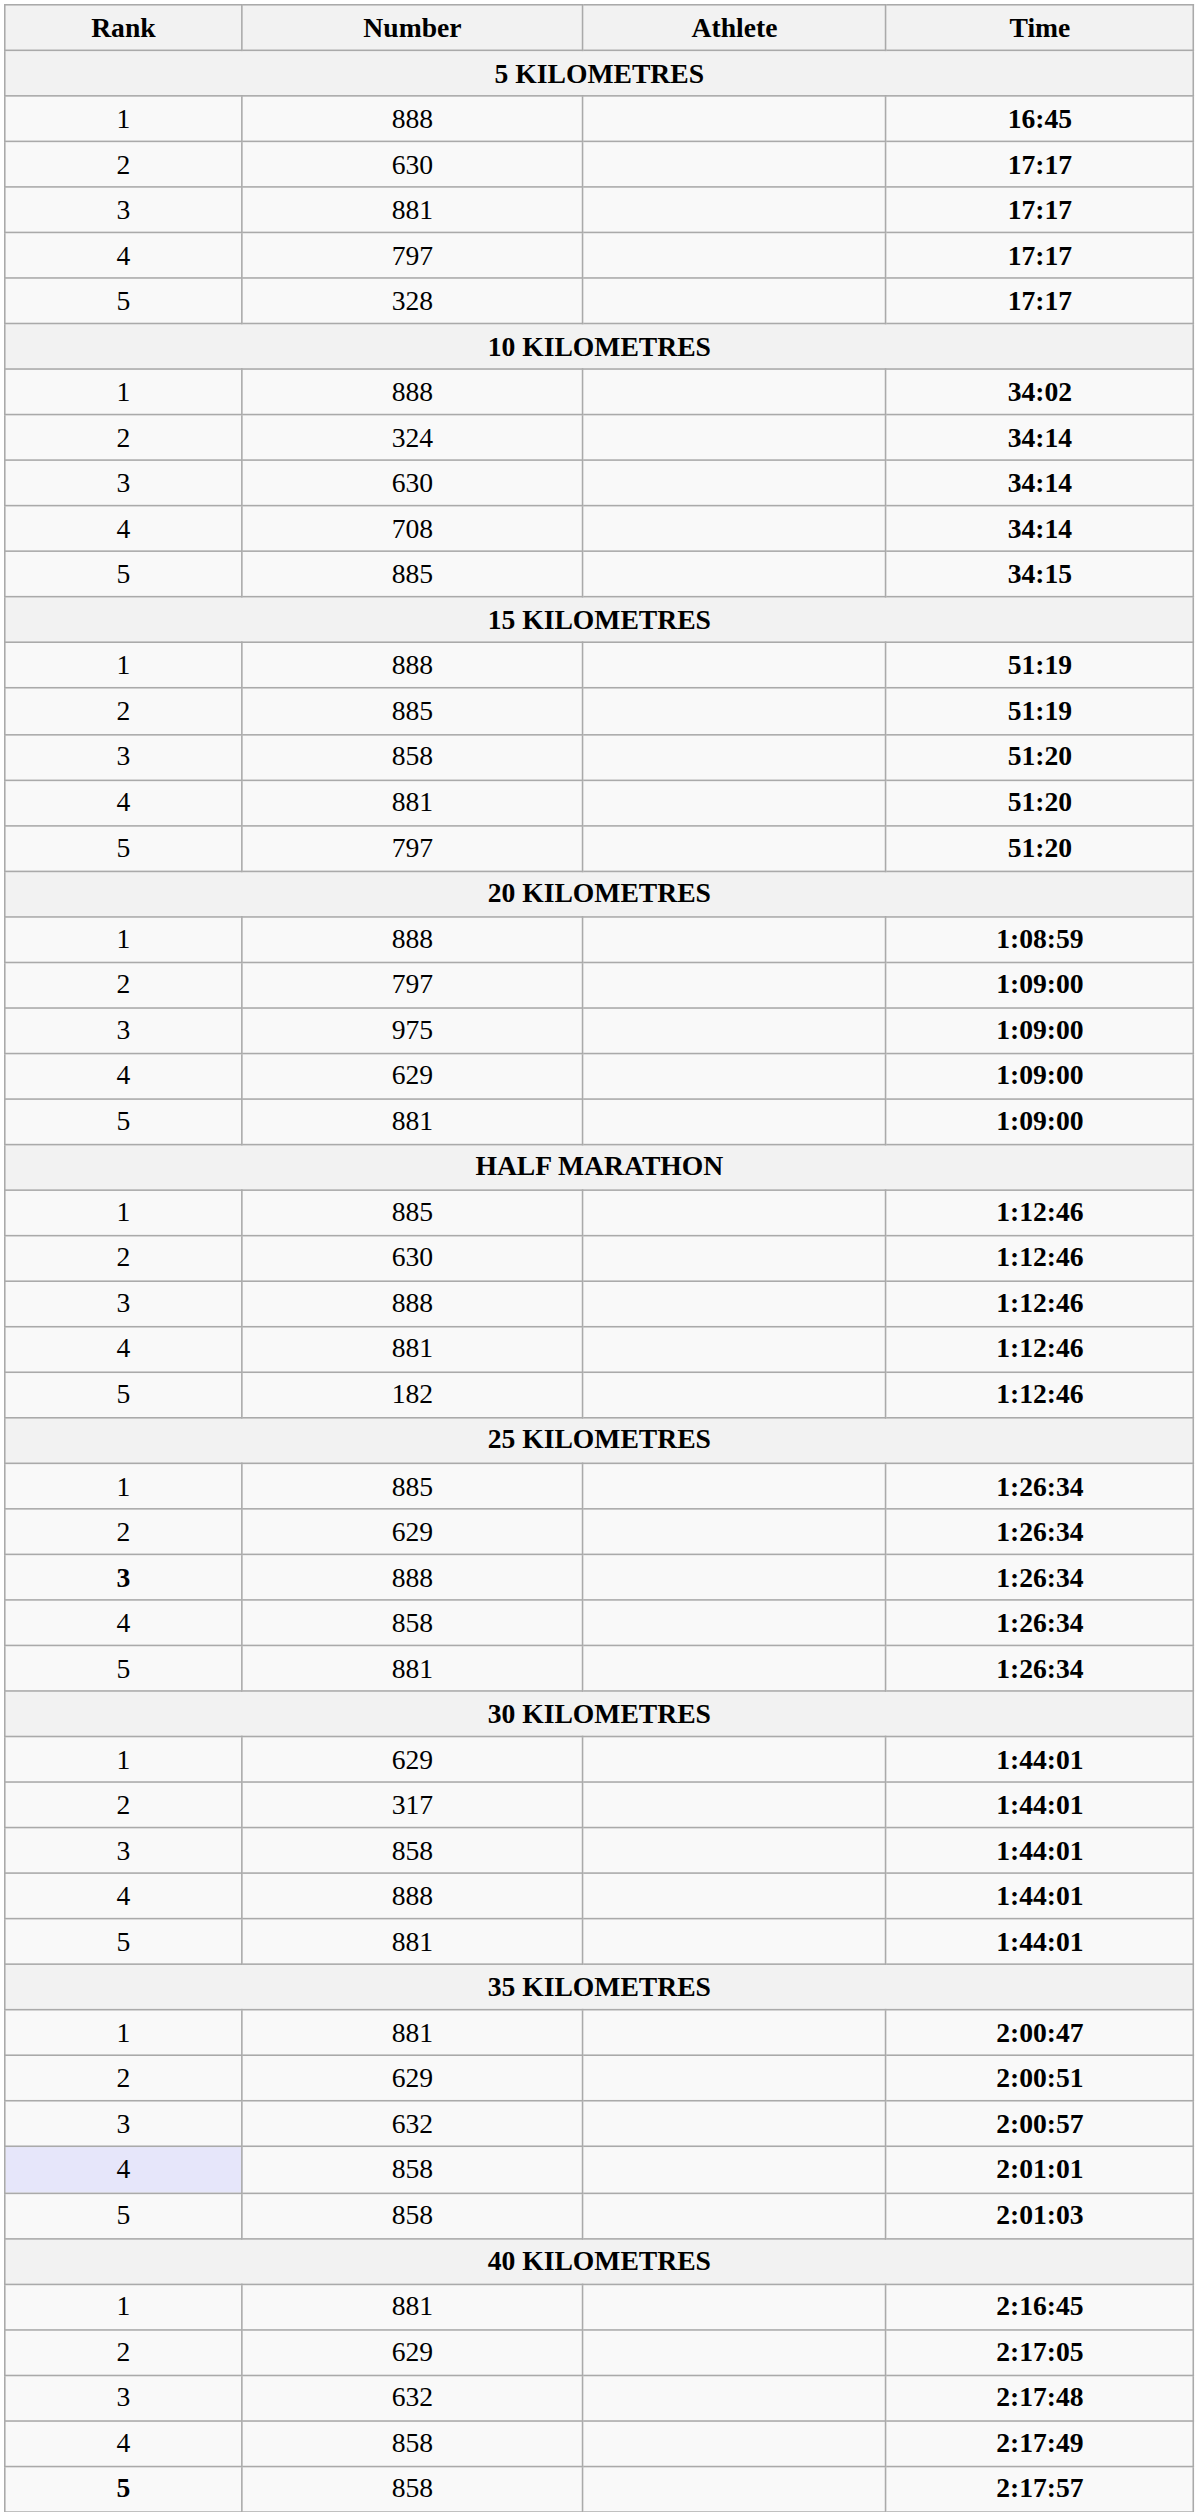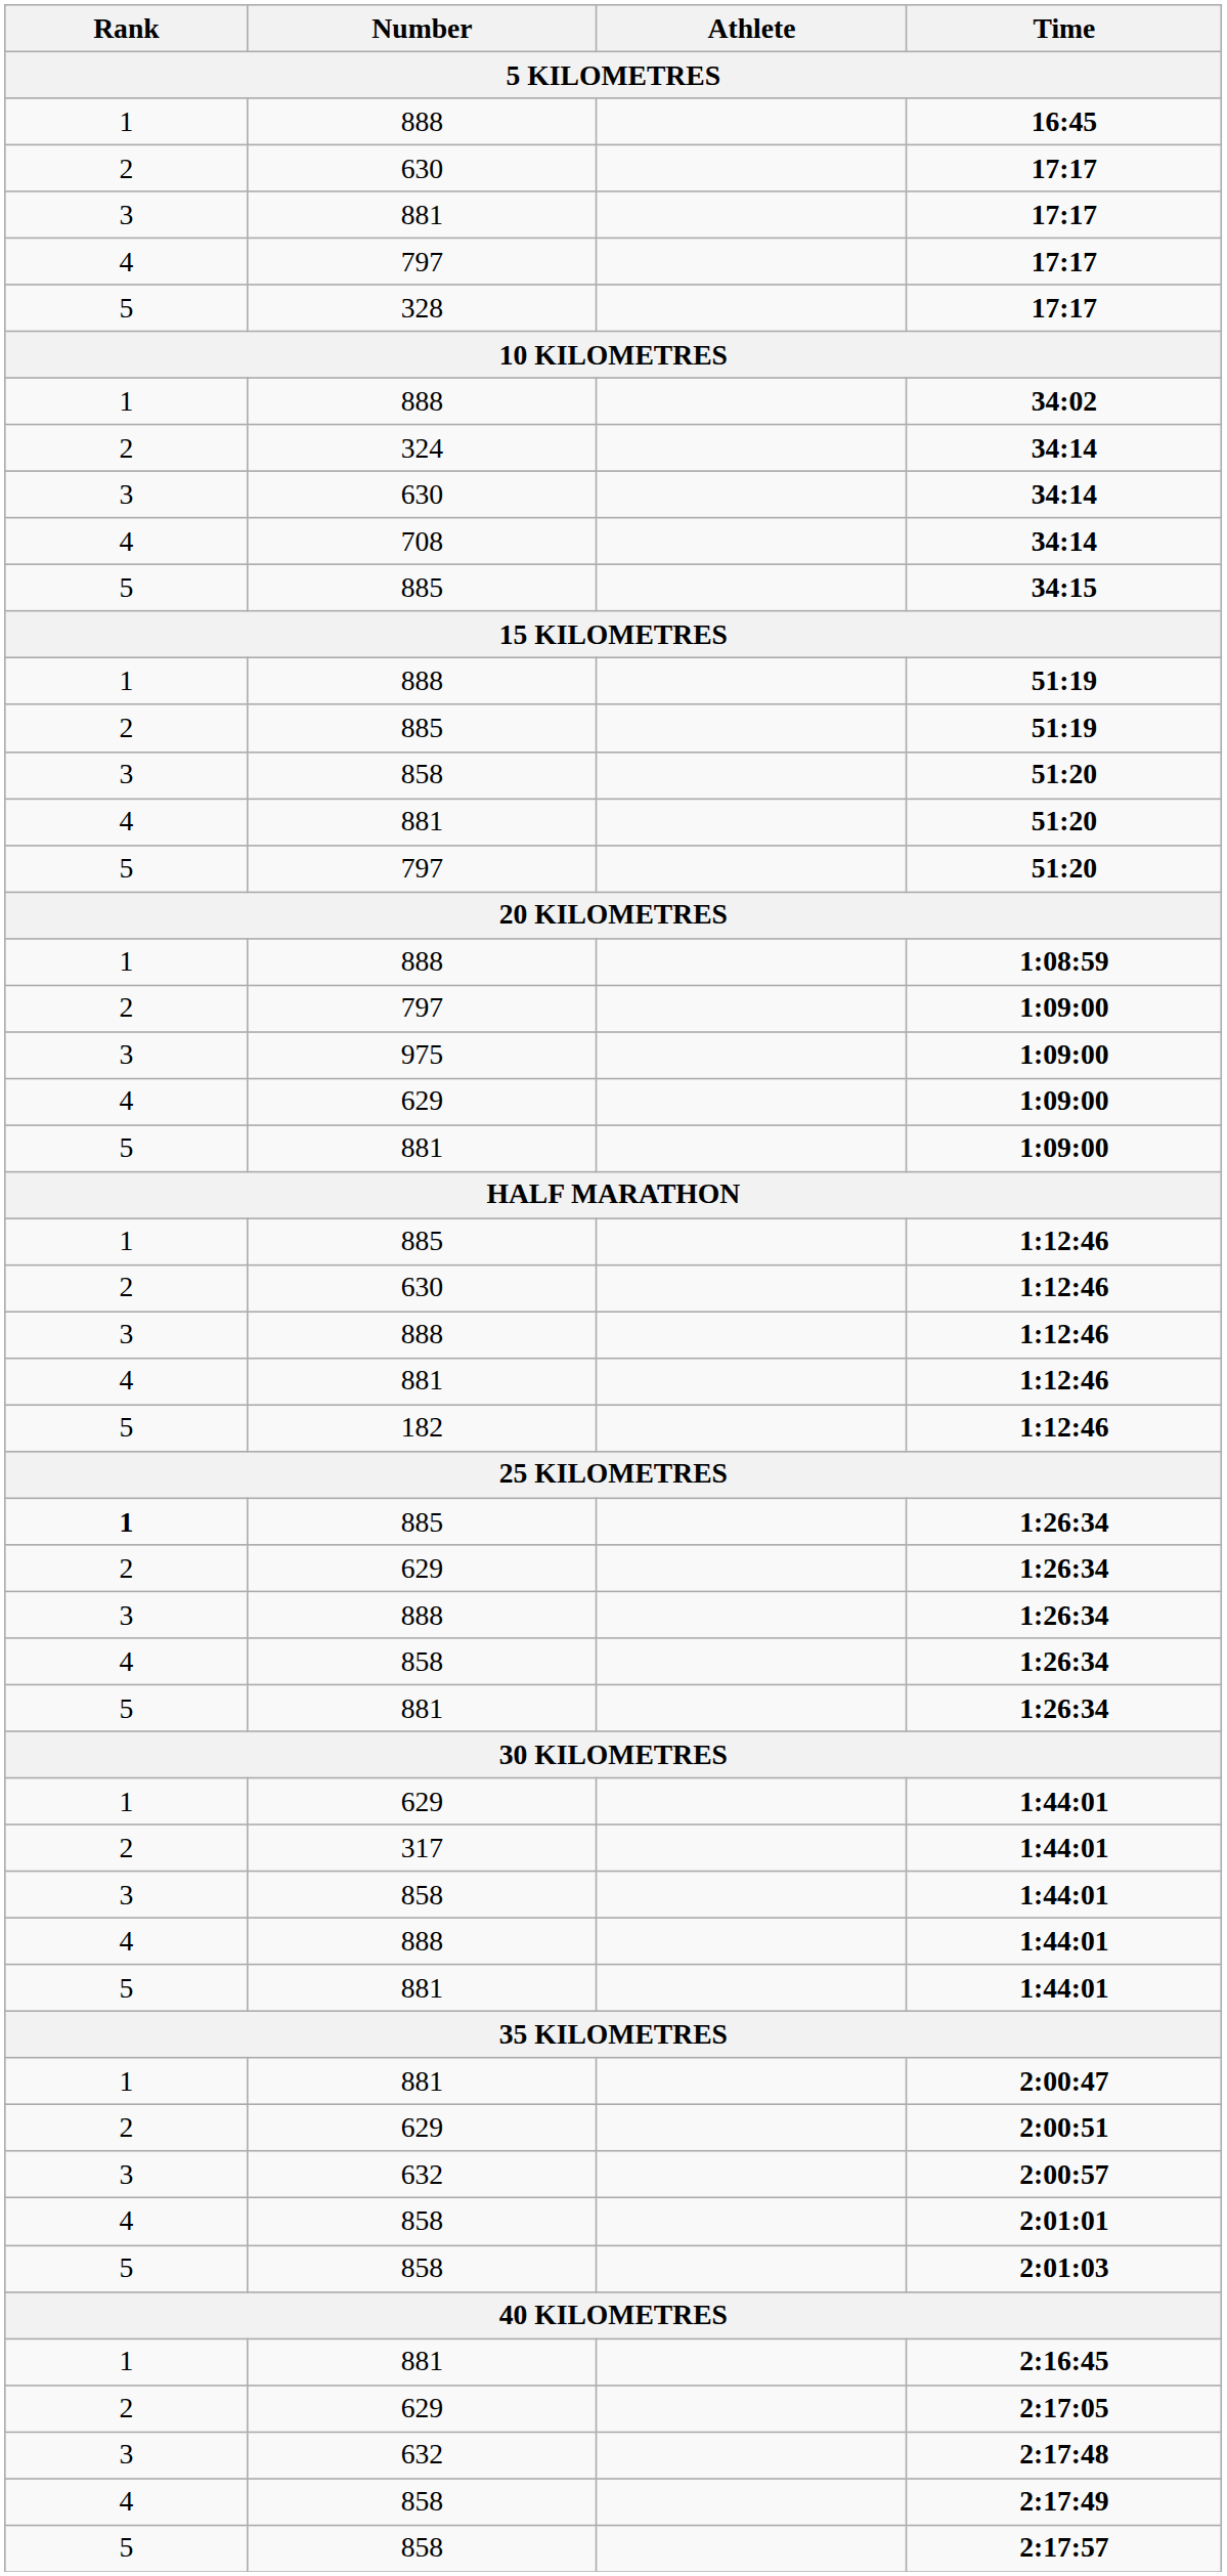 <table class="wikitable" style=" text-align:center; font-size:110%;" width="60%">
 <tr>
 <th>Rank</th>
 <th>Number</th>
 <th>Athlete</th>
 <th>Time</th>
 </tr>
 <tr>
 <th colspan="4">5 KILOMETRES</th>
 </tr>
 <tr>
 <td>1</td>
 <td>888</td>
 <td align=left></td>
 <td><strong>16:45</strong></td>
 </tr>
 <tr>
 <td>2</td>
 <td>630</td>
 <td align=left></td>
 <td><strong>17:17</strong></td>
 </tr>
 <tr>
 <td>3</td>
 <td>881</td>
 <td align=left></td>
 <td><strong>17:17</strong></td>
 </tr>
 <tr>
 <td>4</td>
 <td>797</td>
 <td align=left></td>
 <td><strong>17:17</strong></td>
 </tr>
 <tr>
 <td>5</td>
 <td>328</td>
 <td align=left></td>
 <td><strong>17:17</strong></td>
 </tr>
 <tr>
 <th colspan="4">10 KILOMETRES</th>
 </tr>
 <tr>
 <td>1</td>
 <td>888</td>
 <td align=left></td>
 <td><strong>34:02</strong></td>
 </tr>
 <tr>
 <td>2</td>
 <td>324</td>
 <td align=left></td>
 <td><strong>34:14</strong></td>
 </tr>
 <tr>
 <td>3</td>
 <td>630</td>
 <td align=left></td>
 <td><strong>34:14</strong></td>
 </tr>
 <tr>
 <td>4</td>
 <td>708</td>
 <td align=left></td>
 <td><strong>34:14</strong></td>
 </tr>
 <tr>
 <td>5</td>
 <td>885</td>
 <td align=left></td>
 <td><strong>34:15</strong></td>
 </tr>
 <tr>
 <th colspan="4">15 KILOMETRES</th>
 </tr>
 <tr>
 <td>1</td>
 <td>888</td>
 <td align=left></td>
 <td><strong>51:19</strong></td>
 </tr>
 <tr>
 <td>2</td>
 <td>885</td>
 <td align=left></td>
 <td><strong>51:19</strong></td>
 </tr>
 <tr>
 <td>3</td>
 <td>858</td>
 <td align=left></td>
 <td><strong>51:20</strong></td>
 </tr>
 <tr>
 <td>4</td>
 <td>881</td>
 <td align=left></td>
 <td><strong>51:20</strong></td>
 </tr>
 <tr>
 <td>5</td>
 <td>797</td>
 <td align=left></td>
 <td><strong>51:20</strong></td>
 </tr>
 <tr>
 <th colspan="4">20 KILOMETRES</th>
 </tr>
 <tr>
 <td>1</td>
 <td>888</td>
 <td align=left></td>
 <td><strong>1:08:59</strong></td>
 </tr>
 <tr>
 <td>2</td>
 <td>797</td>
 <td align=left></td>
 <td><strong>1:09:00 </strong></td>
 </tr>
 <tr>
 <td>3</td>
 <td>975</td>
 <td align=left></td>
 <td><strong>1:09:00 </strong></td>
 </tr>
 <tr>
 <td>4</td>
 <td>629</td>
 <td align=left></td>
 <td><strong>1:09:00 </strong></td>
 </tr>
 <tr>
 <td>5</td>
 <td>881</td>
 <td align=left></td>
 <td><strong>1:09:00 </strong></td>
 </tr>
 <tr>
 <th colspan="4">HALF MARATHON</th>
 </tr>
 <tr>
 <td>1</td>
 <td>885</td>
 <td align=left></td>
 <td><strong>1:12:46 </strong></td>
 </tr>
 <tr>
 <td>2</td>
 <td>630</td>
 <td align=left></td>
 <td><strong>1:12:46</strong></td>
 </tr>
 <tr>
 <td>3</td>
 <td>888</td>
 <td align=left></td>
 <td><strong>1:12:46 </strong></td>
 </tr>
 <tr>
 <td>4</td>
 <td>881</td>
 <td align=left></td>
 <td><strong>1:12:46 </strong></td>
 </tr>
 <tr>
 <td>5</td>
 <td>182</td>
 <td align=left></td>
 <td><strong>1:12:46  </strong></td>
 </tr>
 <tr>
 <th colspan="4">25 KILOMETRES</th>
 </tr>
 <tr>
-<td>1</td>
+<td><strong>1</strong></td>
 <td>885</td>
 <td align=left></td>
 <td><strong>1:26:34</strong></td>
 </tr>
 <tr>
 <td>2</td>
 <td>629</td>
 <td align=left></td>
 <td><strong>1:26:34</strong></td>
 </tr>
 <tr>
-<td><strong>3</strong></td>
+<td>3</td>
 <td>888</td>
 <td align=left></td>
 <td><strong>1:26:34</strong></td>
 </tr>
 <tr>
 <td>4</td>
 <td>858</td>
 <td align=left></td>
 <td><strong>1:26:34</strong></td>
 </tr>
 <tr>
 <td>5</td>
 <td>881</td>
 <td align=left></td>
 <td><strong>1:26:34</strong></td>
 </tr>
 <tr>
 <th colspan="4">30 KILOMETRES</th>
 </tr>
 <tr>
 <td>1</td>
 <td>629</td>
 <td align=left></td>
 <td><strong>1:44:01</strong></td>
 </tr>
 <tr>
 <td>2</td>
 <td>317</td>
 <td align=left></td>
 <td><strong>1:44:01</strong></td>
 </tr>
 <tr>
 <td>3</td>
 <td>858</td>
 <td align=left></td>
 <td><strong>1:44:01</strong></td>
 </tr>
 <tr>
 <td>4</td>
 <td>888</td>
 <td align=left></td>
 <td><strong>1:44:01</strong></td>
 </tr>
 <tr>
 <td>5</td>
 <td>881</td>
 <td align=left></td>
 <td><strong>1:44:01</strong></td>
 </tr>
 <tr>
 <th colspan="4">35 KILOMETRES</th>
 </tr>
 <tr>
 <td>1</td>
 <td>881</td>
 <td align=left></td>
 <td><strong>2:00:47</strong></td>
 </tr>
 <tr>
 <td>2</td>
 <td>629</td>
 <td align=left></td>
 <td><strong>2:00:51</strong></td>
 </tr>
 <tr>
 <td>3</td>
 <td>632</td>
 <td align=left></td>
 <td><strong>2:00:57</strong></td>
 </tr>
 <tr>
-<td style="background: lavender;">4</td>
+<td>4</td>
 <td>858</td>
 <td align=left></td>
 <td><strong>2:01:01</strong></td>
 </tr>
 <tr>
 <td>5</td>
 <td>858</td>
 <td align=left></td>
 <td><strong>2:01:03</strong></td>
 </tr>
 <tr>
 <th colspan="4">40 KILOMETRES</th>
 </tr>
 <tr>
 <td>1</td>
 <td>881</td>
 <td align=left></td>
 <td><strong>2:16:45</strong></td>
 </tr>
 <tr>
 <td>2</td>
 <td>629</td>
 <td align=left></td>
 <td><strong>2:17:05</strong></td>
 </tr>
 <tr>
 <td>3</td>
 <td>632</td>
 <td align=left></td>
 <td><strong>2:17:48</strong></td>
 </tr>
 <tr>
 <td>4</td>
 <td>858</td>
 <td align=left></td>
 <td><strong>2:17:49</strong></td>
 </tr>
 <tr>
-<td><strong>5</strong></td>
+<td>5</td>
 <td>858</td>
 <td align=left></td>
 <td><strong>2:17:57</strong></td>
 </tr>
 </table>
